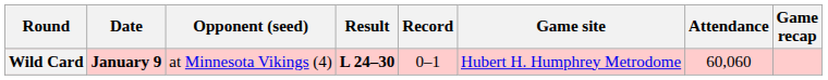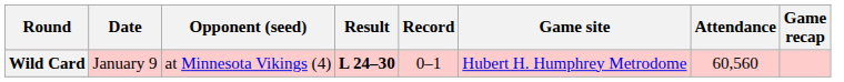 <table class="wikitable" style="text-align:center">
 <tr>
 <th>Round</th>
 <th>Date</th>
 <th>Opponent (seed)</th>
 <th>Result</th>
 <th>Record</th>
 <th>Game site</th>
 <th>Attendance</th>
 <th>Game<br>recap</th>
 </tr>
 <tr style="background:#fcc">
 <th>Wild Card</th>
-<td><strong>January 9</strong></td>
+<td>January 9</td>
 <td>at <a href='#'>Minnesota Vikings</a> (4)</td>
 <td><strong>L 24–30</strong></td>
 <td>0–1</td>
 <td><a href='#'>Hubert H. Humphrey Metrodome</a></td>
-<td>60,060</td>
+<td>60,560</td>
 <td></td>
 </tr>
 </table>
